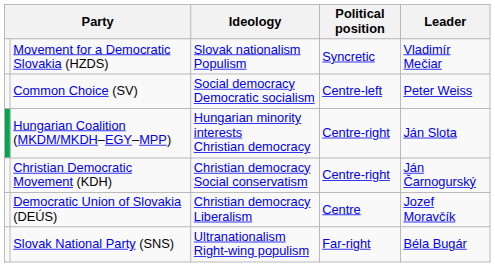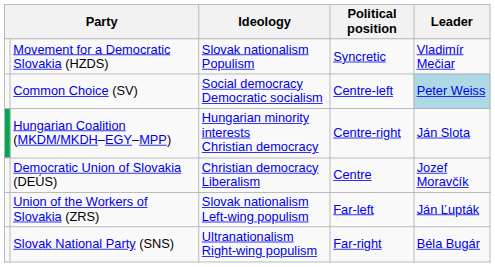 <table class="wikitable">
 <tr>
 <th colspan="2">Party</th>
 <th>Ideology</th>
 <th>Political position</th>
 <th>Leader</th>
 </tr>
 <tr>
 <td style="background:"></td>
 <td><a href='#'>Movement for a Democratic Slovakia</a> (HZDS)</td>
 <td><a href='#'>Slovak nationalism</a><br><a href='#'>Populism</a></td>
 <td><a href='#'>Syncretic</a></td>
 <td><a href='#'>Vladimír Mečiar</a></td>
 </tr>
 <tr>
 <td style="background:"></td>
 <td><a href='#'>Common Choice</a> (SV)</td>
 <td><a href='#'>Social democracy</a><br><a href='#'>Democratic socialism</a></td>
 <td><a href='#'>Centre-left</a></td>
-<td><a href='#'>Peter Weiss</a></td>
+<td style="background: lightblue;"><a href='#'>Peter Weiss</a></td>
 </tr>
 <tr>
 <td style="background:#00A650"></td>
 <td><a href='#'>Hungarian Coalition</a> (<a href='#'>MKDM/MKDH</a>–<a href='#'>EGY</a>–<a href='#'>MPP</a>)</td>
 <td><a href='#'>Hungarian minority interests</a><br><a href='#'>Christian democracy</a></td>
 <td><a href='#'>Centre-right</a></td>
 <td><a href='#'>Ján Slota</a></td>
 </tr>
 <tr>
 <td style="background:"></td>
-<td><a href='#'>Christian Democratic Movement</a> (KDH)</td>
-<td><a href='#'>Christian democracy</a><br><a href='#'>Social conservatism</a></td>
-<td><a href='#'>Centre-right</a></td>
-<td><a href='#'>Ján Čarnogurský</a></td>
-</tr>
-<tr>
-<td style="background:"></td>
 <td><a href='#'>Democratic Union of Slovakia</a> (DEÚS)</td>
 <td><a href='#'>Christian democracy</a><br><a href='#'>Liberalism</a></td>
 <td><a href='#'>Centre</a></td>
 <td><a href='#'>Jozef Moravčík</a></td>
+</tr>
+<tr>
+<td style="background:"></td>
+<td><a href='#'>Union of the Workers of Slovakia</a> (ZRS)</td>
+<td><a href='#'>Slovak nationalism</a><br><a href='#'>Left-wing populism</a></td>
+<td><a href='#'>Far-left</a></td>
+<td><a href='#'>Ján Ľupták</a></td>
 </tr>
 <tr>
 <td style="background:"></td>
 <td><a href='#'>Slovak National Party</a> (SNS)</td>
 <td><a href='#'>Ultranationalism</a><br><a href='#'>Right-wing populism</a></td>
 <td><a href='#'>Far-right</a></td>
 <td><a href='#'>Béla Bugár</a></td>
 </tr>
 </table>
